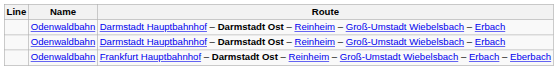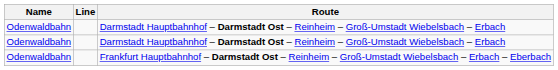 <table class="wikitable">
 <tr>
+<th>Name</th>
 <th>Line</th>
-<th>Name</th>
 <th>Route</th>
 </tr>
 <tr>
+<td><a href='#'>Odenwaldbahn</a></td>
 <td></td>
-<td><a href='#'>Odenwaldbahn</a></td>
 <td><a href='#'>Darmstadt Hauptbahnhof</a> – <strong>Darmstadt Ost</strong> – <a href='#'>Reinheim</a> – <a href='#'>Groß-Umstadt Wiebelsbach</a> – <a href='#'>Erbach</a></td>
 </tr>
 <tr>
+<td><a href='#'>Odenwaldbahn</a></td>
 <td></td>
-<td><a href='#'>Odenwaldbahn</a></td>
 <td><a href='#'>Darmstadt Hauptbahnhof</a> – <strong>Darmstadt Ost</strong> – <a href='#'>Reinheim</a> – <a href='#'>Groß-Umstadt Wiebelsbach</a> – <a href='#'>Erbach</a></td>
 </tr>
 <tr>
+<td><a href='#'>Odenwaldbahn</a></td>
 <td></td>
-<td><a href='#'>Odenwaldbahn</a></td>
 <td><a href='#'>Frankfurt Hauptbahnhof</a> – <strong>Darmstadt Ost</strong> – <a href='#'>Reinheim</a> – <a href='#'>Groß-Umstadt Wiebelsbach</a> – <a href='#'>Erbach</a> – <a href='#'>Eberbach</a></td>
 </tr>
 </table>
